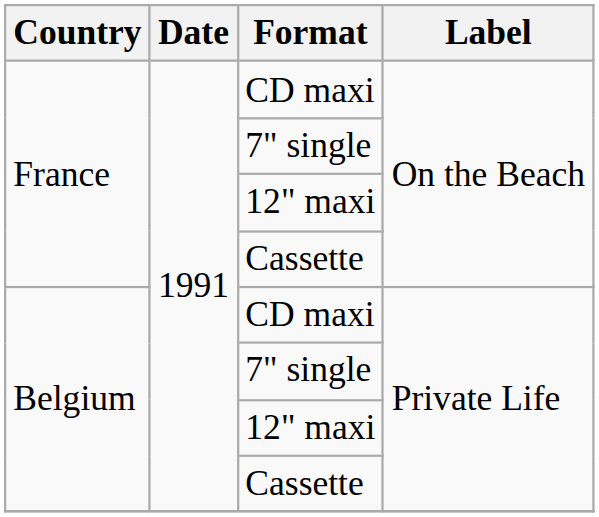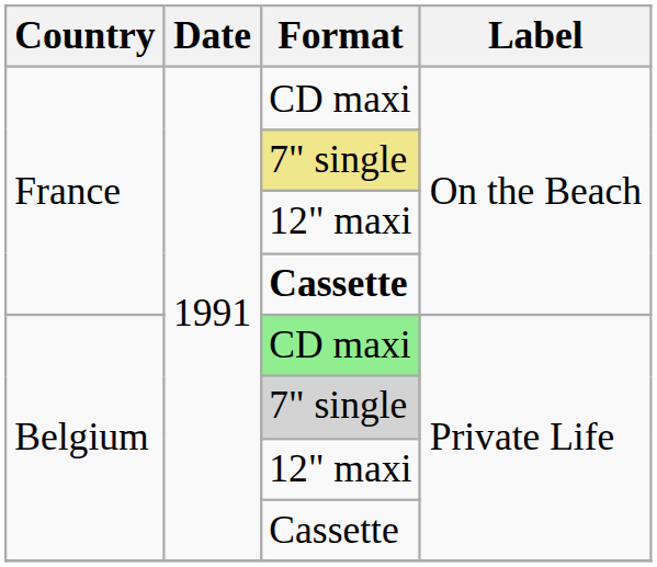 <table class=wikitable>
 <tr>
 <th>Country</th>
 <th>Date</th>
 <th>Format</th>
 <th>Label</th>
 </tr>
 <tr>
 <td rowspan="4">France</td>
 <td rowspan="8">1991</td>
 <td>CD maxi</td>
 <td rowspan="4">On the Beach</td>
 </tr>
 <tr>
-<td>7" single</td>
+<td style="background: khaki;">7" single</td>
 </tr>
 <tr>
 <td>12" maxi</td>
 </tr>
 <tr>
-<td>Cassette</td>
+<td><strong>Cassette</strong></td>
 </tr>
 <tr>
 <td rowspan="4">Belgium</td>
-<td>CD maxi</td>
+<td style="background: lightgreen;">CD maxi</td>
 <td rowspan="4">Private Life</td>
 </tr>
 <tr>
-<td>7" single</td>
+<td style="background: lightgrey;">7" single</td>
 </tr>
 <tr>
 <td>12" maxi</td>
 </tr>
 <tr>
 <td>Cassette</td>
 </tr>
 <tr>
 </tr>
 </table>
